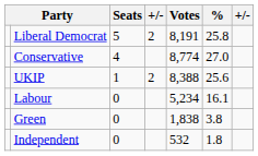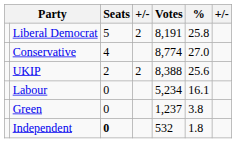 <table class="wikitable">
 <tr>
 <th colspan="2">Party</th>
 <th>Seats</th>
 <th>+/-</th>
 <th>Votes</th>
 <th>%</th>
 <th>+/-</th>
 </tr>
 <tr>
 <td style="background-color: "></td>
 <td><a href='#'>Liberal Democrat</a></td>
 <td>5</td>
 <td> 2</td>
 <td>8,191</td>
 <td>25.8</td>
 <td style="color:green"></td>
 </tr>
 <tr>
 <td style="background-color: "></td>
 <td><a href='#'>Conservative</a></td>
 <td>4</td>
 <td></td>
 <td>8,774</td>
 <td>27.0</td>
 <td style="color:red"></td>
 </tr>
 <tr>
 <td style="background-color:"></td>
 <td><a href='#'>UKIP</a></td>
-<td>1</td>
+<td>2</td>
 <td> 2</td>
 <td>8,388</td>
 <td>25.6</td>
 <td style="color:green"></td>
 </tr>
 <tr>
 <td style="background-color: "></td>
 <td><a href='#'>Labour</a></td>
 <td>0</td>
 <td></td>
 <td>5,234</td>
 <td>16.1</td>
 <td style="color:green"></td>
 </tr>
 <tr>
 <td style="background-color: "></td>
 <td><a href='#'>Green</a></td>
 <td>0</td>
 <td></td>
-<td>1,838</td>
+<td>1,237</td>
 <td>3.8</td>
 <td style="color:red"></td>
 </tr>
 <tr>
 <td style="background-color: "></td>
 <td><a href='#'>Independent</a></td>
-<td>0</td>
+<td><strong>0</strong></td>
 <td></td>
 <td>532</td>
 <td>1.8</td>
 <td style="color:red"></td>
 </tr>
 </table>
